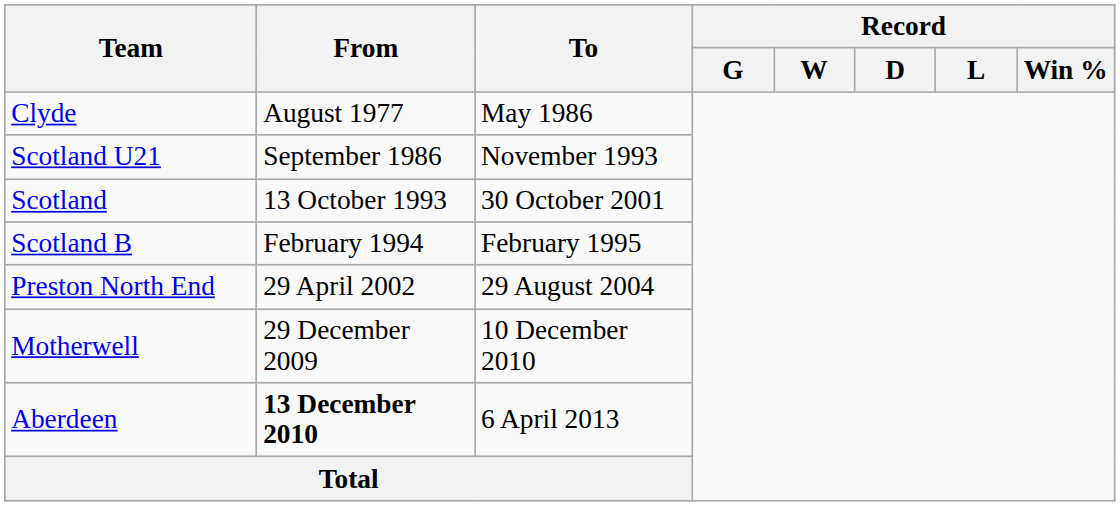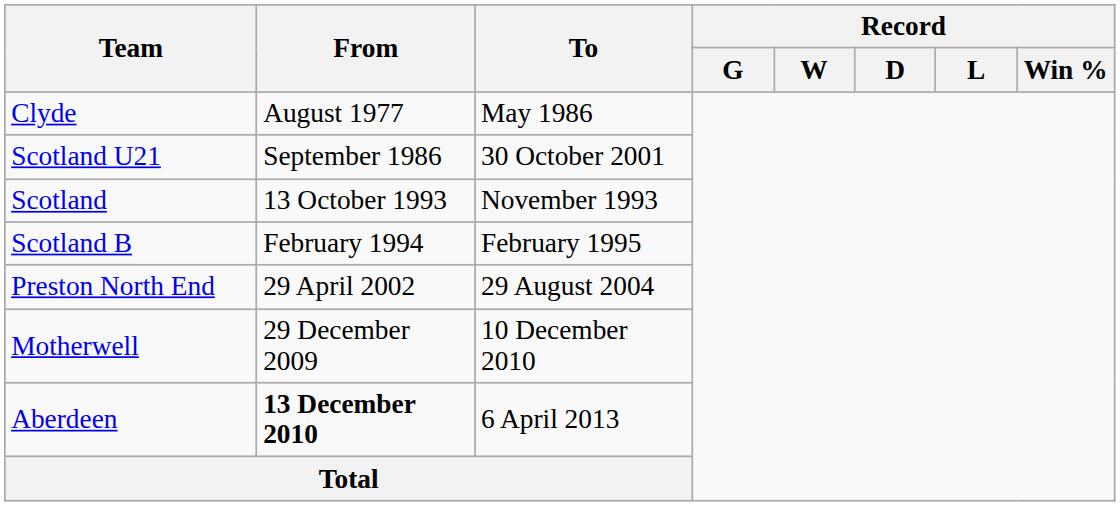 <table class=wikitable style=text-align:center>
 <tr>
 <th rowspan=2! width=140>Team</th>
 <th rowspan=2! width=120>From</th>
 <th rowspan=2! width=120>To</th>
 <th colspan=5>Record</th>
 </tr>
 <tr>
 <th width=40>G</th>
 <th width=40>W</th>
 <th width=40>D</th>
 <th width=40>L</th>
 <th width=50>Win %</th>
 </tr>
 <tr>
 <td align=left><a href='#'>Clyde</a></td>
 <td align=left>August 1977</td>
 <td align=left>May 1986<br></td>
 </tr>
 <tr>
 <td align=left><a href='#'>Scotland U21</a></td>
 <td align=left>September 1986</td>
-<td align=left>November 1993<br></td>
+<td align=left>30 October 2001<br></td>
 </tr>
 <tr>
 <td align=left><a href='#'>Scotland</a></td>
 <td align=left>13 October 1993</td>
-<td align=left>30 October 2001<br></td>
+<td align=left>November 1993<br></td>
 </tr>
 <tr>
 <td align=left><a href='#'>Scotland B</a></td>
 <td align=left>February 1994</td>
 <td align=left>February 1995<br></td>
 </tr>
 <tr>
 <td align=left><a href='#'>Preston North End</a></td>
 <td align=left>29 April 2002</td>
 <td align=left>29 August 2004<br></td>
 </tr>
 <tr>
 <td align=left><a href='#'>Motherwell</a></td>
 <td align=left>29 December 2009</td>
 <td align=left>10 December 2010<br></td>
 </tr>
 <tr>
 <td align=left><a href='#'>Aberdeen</a></td>
 <td align=left><strong>13 December 2010</strong></td>
 <td align=left>6 April 2013<br></td>
 </tr>
 <tr>
 <th colspan=3>Total<br></th>
 </tr>
 </table>
